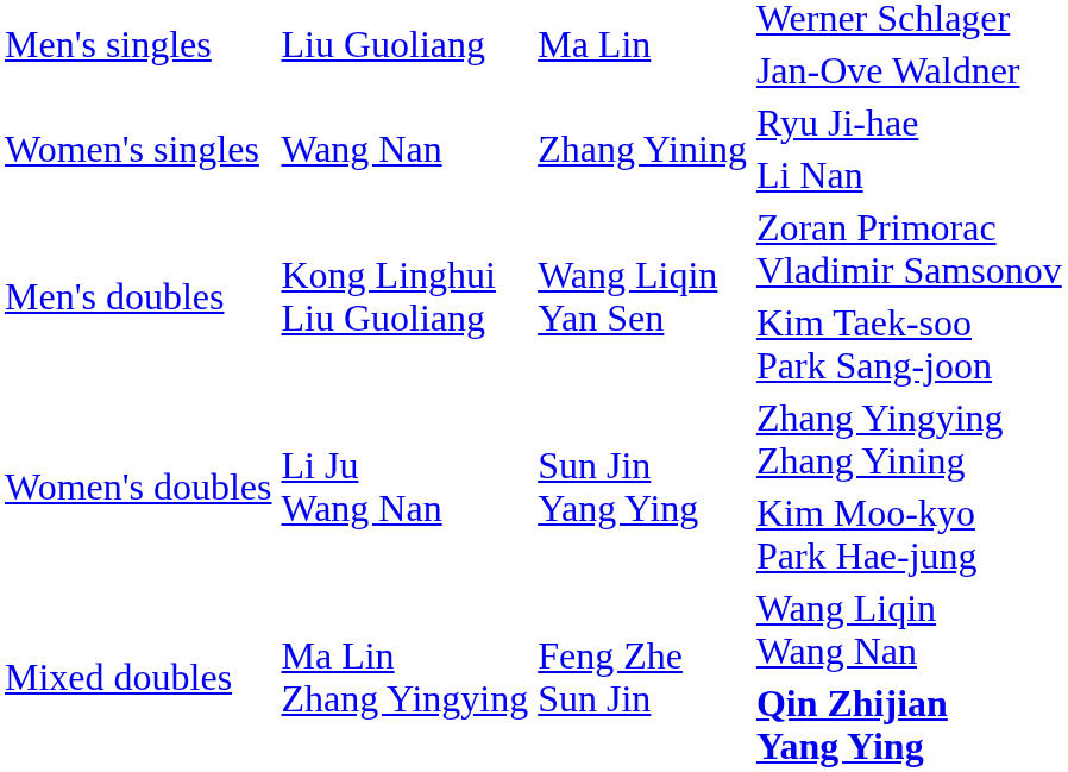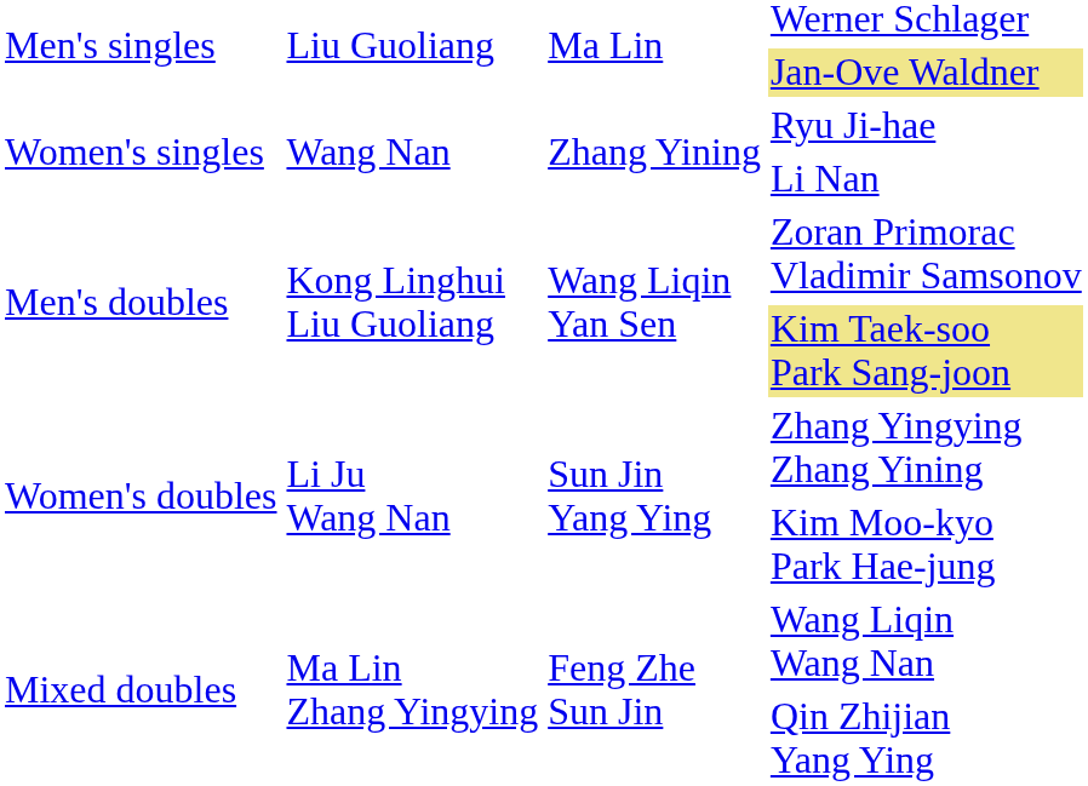 <table>
 <tr>
 <td rowspan=2><a href='#'>Men's singles</a></td>
 <td rowspan=2> <a href='#'>Liu Guoliang</a></td>
 <td rowspan=2> <a href='#'>Ma Lin</a></td>
 <td> <a href='#'>Werner Schlager</a></td>
 </tr>
 <tr>
-<td> <a href='#'>Jan-Ove Waldner</a></td>
+<td style="background: khaki;"> <a href='#'>Jan-Ove Waldner</a></td>
 </tr>
 <tr>
 <td rowspan=2><a href='#'>Women's singles</a></td>
 <td rowspan=2> <a href='#'>Wang Nan</a></td>
 <td rowspan=2> <a href='#'>Zhang Yining</a></td>
 <td> <a href='#'>Ryu Ji-hae</a></td>
 </tr>
 <tr>
 <td> <a href='#'>Li Nan</a></td>
 </tr>
 <tr>
 <td rowspan=2><a href='#'>Men's doubles</a></td>
 <td rowspan=2> <a href='#'>Kong Linghui</a><br> <a href='#'>Liu Guoliang</a></td>
 <td rowspan=2> <a href='#'>Wang Liqin</a><br> <a href='#'>Yan Sen</a></td>
 <td> <a href='#'>Zoran Primorac</a><br> <a href='#'>Vladimir Samsonov</a></td>
 </tr>
 <tr>
-<td> <a href='#'>Kim Taek-soo</a><br> <a href='#'>Park Sang-joon</a></td>
+<td style="background: khaki;"> <a href='#'>Kim Taek-soo</a><br> <a href='#'>Park Sang-joon</a></td>
 </tr>
 <tr>
 <td rowspan=2><a href='#'>Women's doubles</a></td>
 <td rowspan=2> <a href='#'>Li Ju</a><br> <a href='#'>Wang Nan</a></td>
 <td rowspan=2> <a href='#'>Sun Jin</a><br> <a href='#'>Yang Ying</a></td>
 <td> <a href='#'>Zhang Yingying</a><br> <a href='#'>Zhang Yining</a></td>
 </tr>
 <tr>
 <td> <a href='#'>Kim Moo-kyo</a><br> <a href='#'>Park Hae-jung</a></td>
 </tr>
 <tr>
 <td rowspan=2><a href='#'>Mixed doubles</a></td>
 <td rowspan=2> <a href='#'>Ma Lin</a><br> <a href='#'>Zhang Yingying</a></td>
 <td rowspan=2> <a href='#'>Feng Zhe</a><br> <a href='#'>Sun Jin</a></td>
 <td> <a href='#'>Wang Liqin</a><br> <a href='#'>Wang Nan</a></td>
 </tr>
 <tr>
-<td><strong> <a href='#'>Qin Zhijian</a><br> <a href='#'>Yang Ying</a></strong></td>
+<td> <a href='#'>Qin Zhijian</a><br> <a href='#'>Yang Ying</a></td>
 </tr>
 </table>
